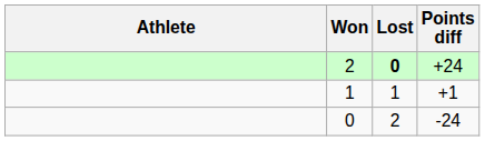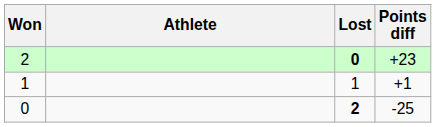 <table class="wikitable">
 <tr>
+<th>Won</th>
 <th style="width:18em">Athlete</th>
-<th>Won</th>
 <th>Lost</th>
 <th>Points<br>diff</th>
 </tr>
 <tr bgcolor="#ccffcc">
+<td align="center">2</td>
 <td></td>
-<td align="center">2</td>
 <td align="center"><strong>0</strong></td>
-<td align="center">+24</td>
+<td align="center">+23</td>
 </tr>
 <tr>
+<td align="center">1</td>
 <td></td>
-<td align="center">1</td>
 <td align="center">1</td>
 <td align="center">+1</td>
 </tr>
 <tr>
+<td align="center">0</td>
 <td></td>
-<td align="center">0</td>
-<td align="center">2</td>
-<td align="center">-24</td>
+<td align="center"><strong>2</strong></td>
+<td align="center">-25</td>
 </tr>
 </table>
